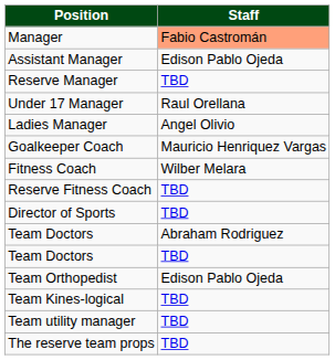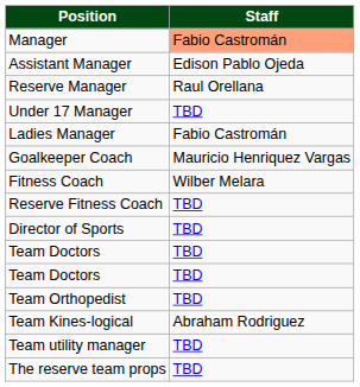 <table class="wikitable">
 <tr>
 <th style="color:White; background:#004812;">Position</th>
 <th style="color:White; background:#004812;">Staff</th>
 </tr>
 <tr>
 <td>Manager</td>
 <td style="background: lightsalmon;"> Fabio Castromán</td>
 </tr>
 <tr>
 <td>Assistant Manager</td>
 <td> Edison Pablo Ojeda</td>
 </tr>
 <tr>
 <td>Reserve Manager</td>
+<td> Raul Orellana</td>
+</tr>
+<tr>
+<td>Under 17 Manager</td>
 <td> <a href='#'>TBD</a></td>
 </tr>
 <tr>
-<td>Under 17 Manager</td>
-<td> Raul Orellana</td>
-</tr>
-<tr>
 <td>Ladies Manager</td>
-<td> Angel Olivio</td>
+<td> Fabio Castromán</td>
 </tr>
 <tr>
 <td>Goalkeeper Coach</td>
 <td> Mauricio Henriquez Vargas</td>
 </tr>
 <tr>
 <td>Fitness Coach</td>
 <td> Wilber Melara</td>
 </tr>
 <tr>
 <td>Reserve Fitness Coach</td>
 <td>  <a href='#'>TBD</a></td>
 </tr>
 <tr>
 <td>Director of Sports</td>
 <td> <a href='#'>TBD</a></td>
 </tr>
 <tr>
 <td>Team Doctors</td>
-<td> Abraham Rodriguez</td>
+<td> <a href='#'>TBD</a></td>
 </tr>
 <tr>
 <td>Team Doctors</td>
 <td> <a href='#'>TBD</a></td>
 </tr>
 <tr>
 <td>Team Orthopedist</td>
-<td> Edison Pablo Ojeda</td>
+<td> <a href='#'>TBD</a></td>
 </tr>
 <tr>
 <td>Team Kines-logical</td>
-<td> <a href='#'>TBD</a></td>
+<td> Abraham Rodriguez</td>
 </tr>
 <tr>
 <td>Team utility manager</td>
 <td> <a href='#'>TBD</a></td>
 </tr>
 <tr>
 <td>The reserve team props</td>
 <td> <a href='#'>TBD</a></td>
 </tr>
 </table>
